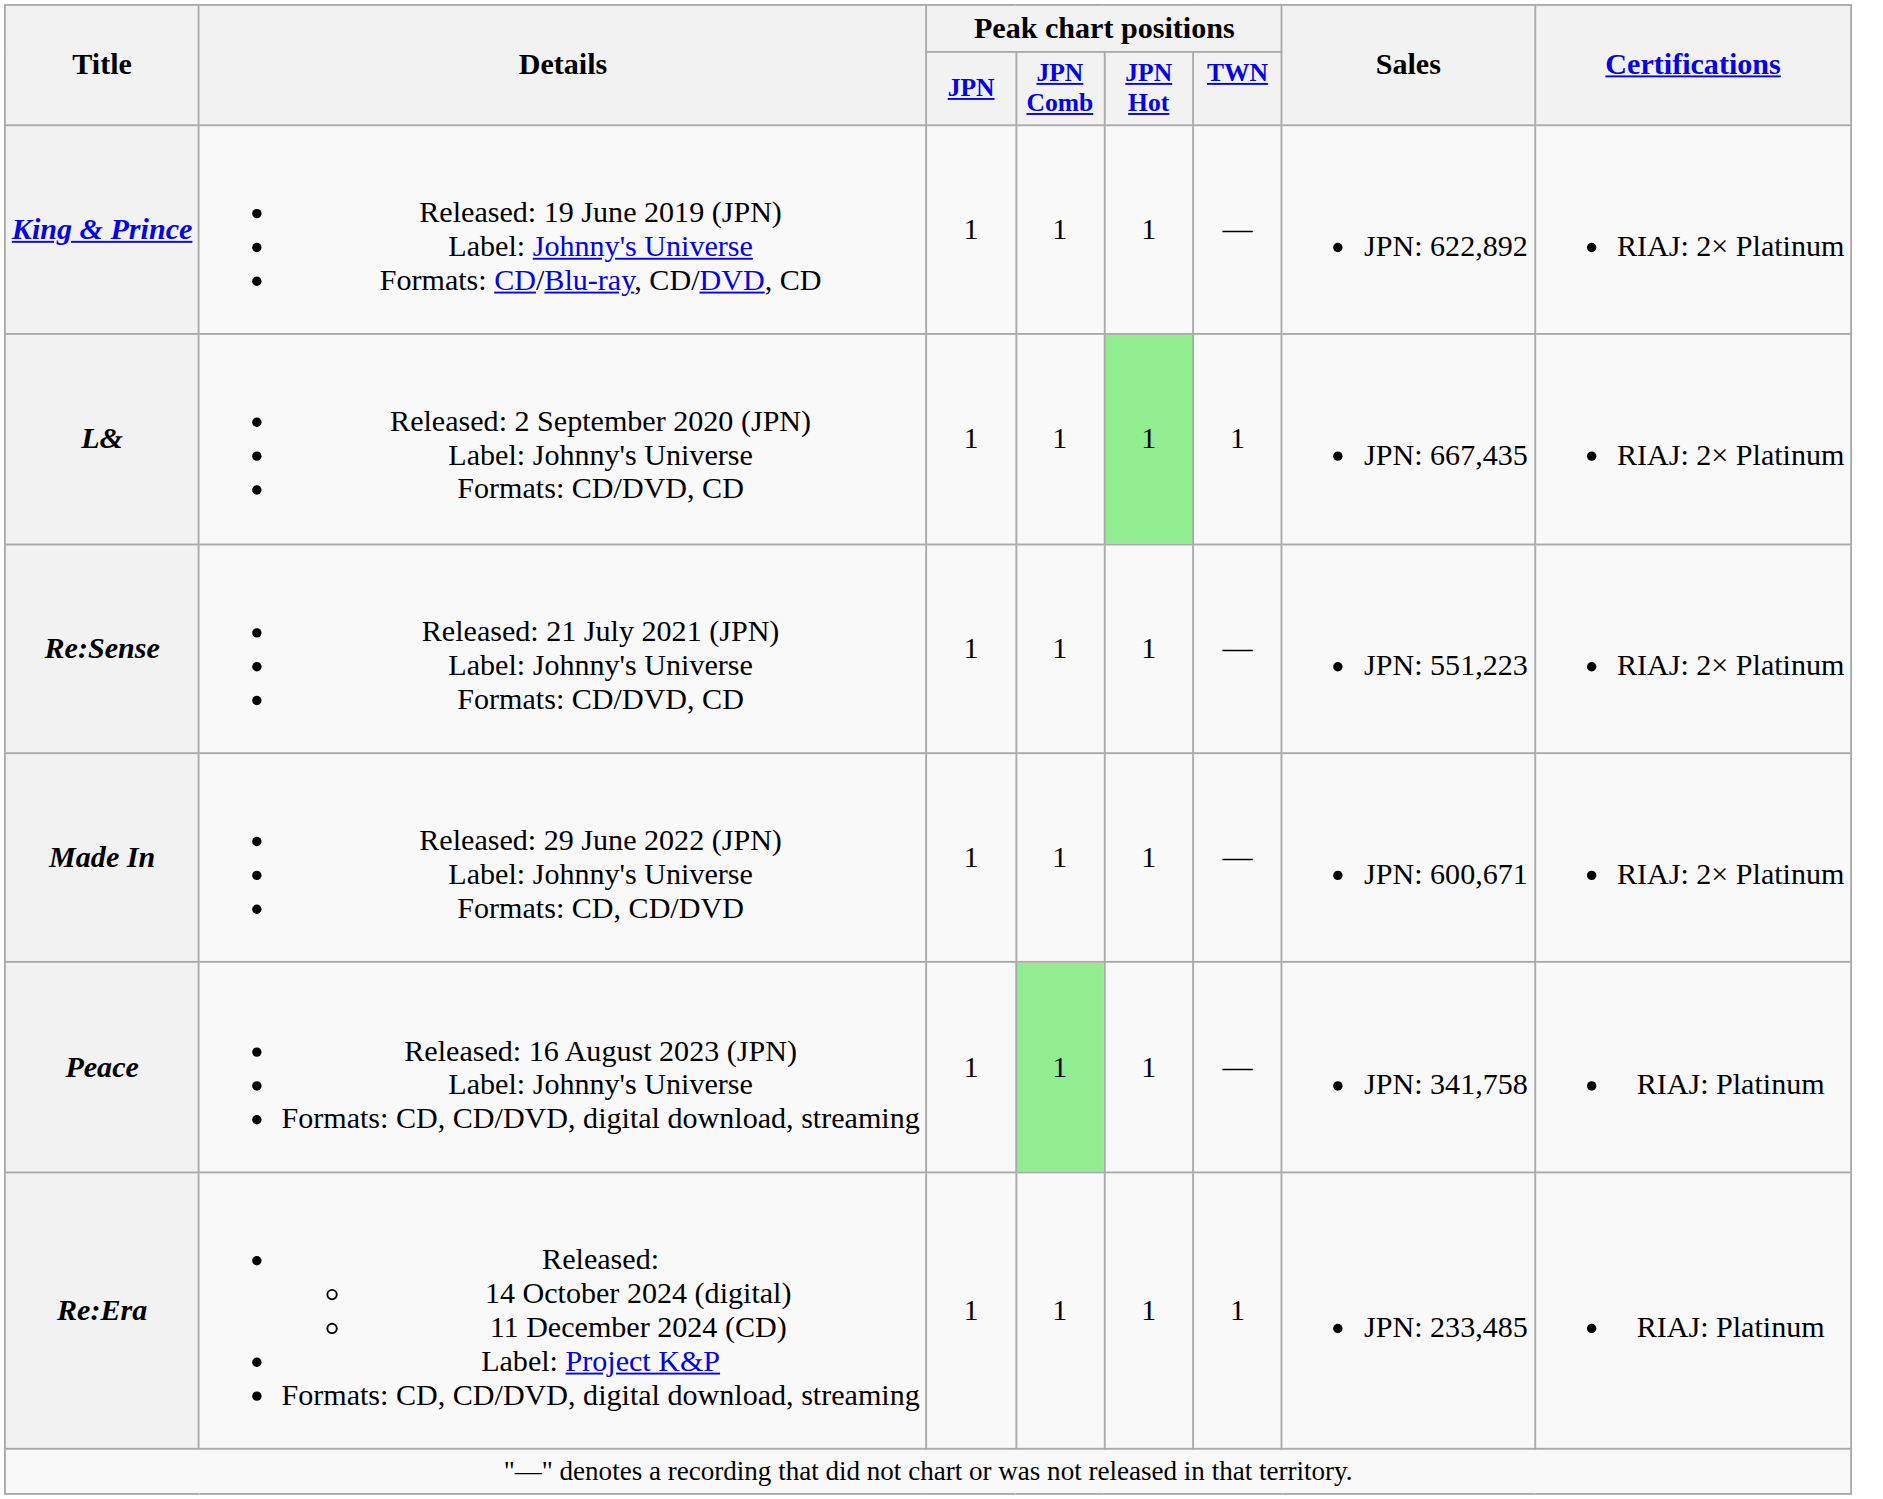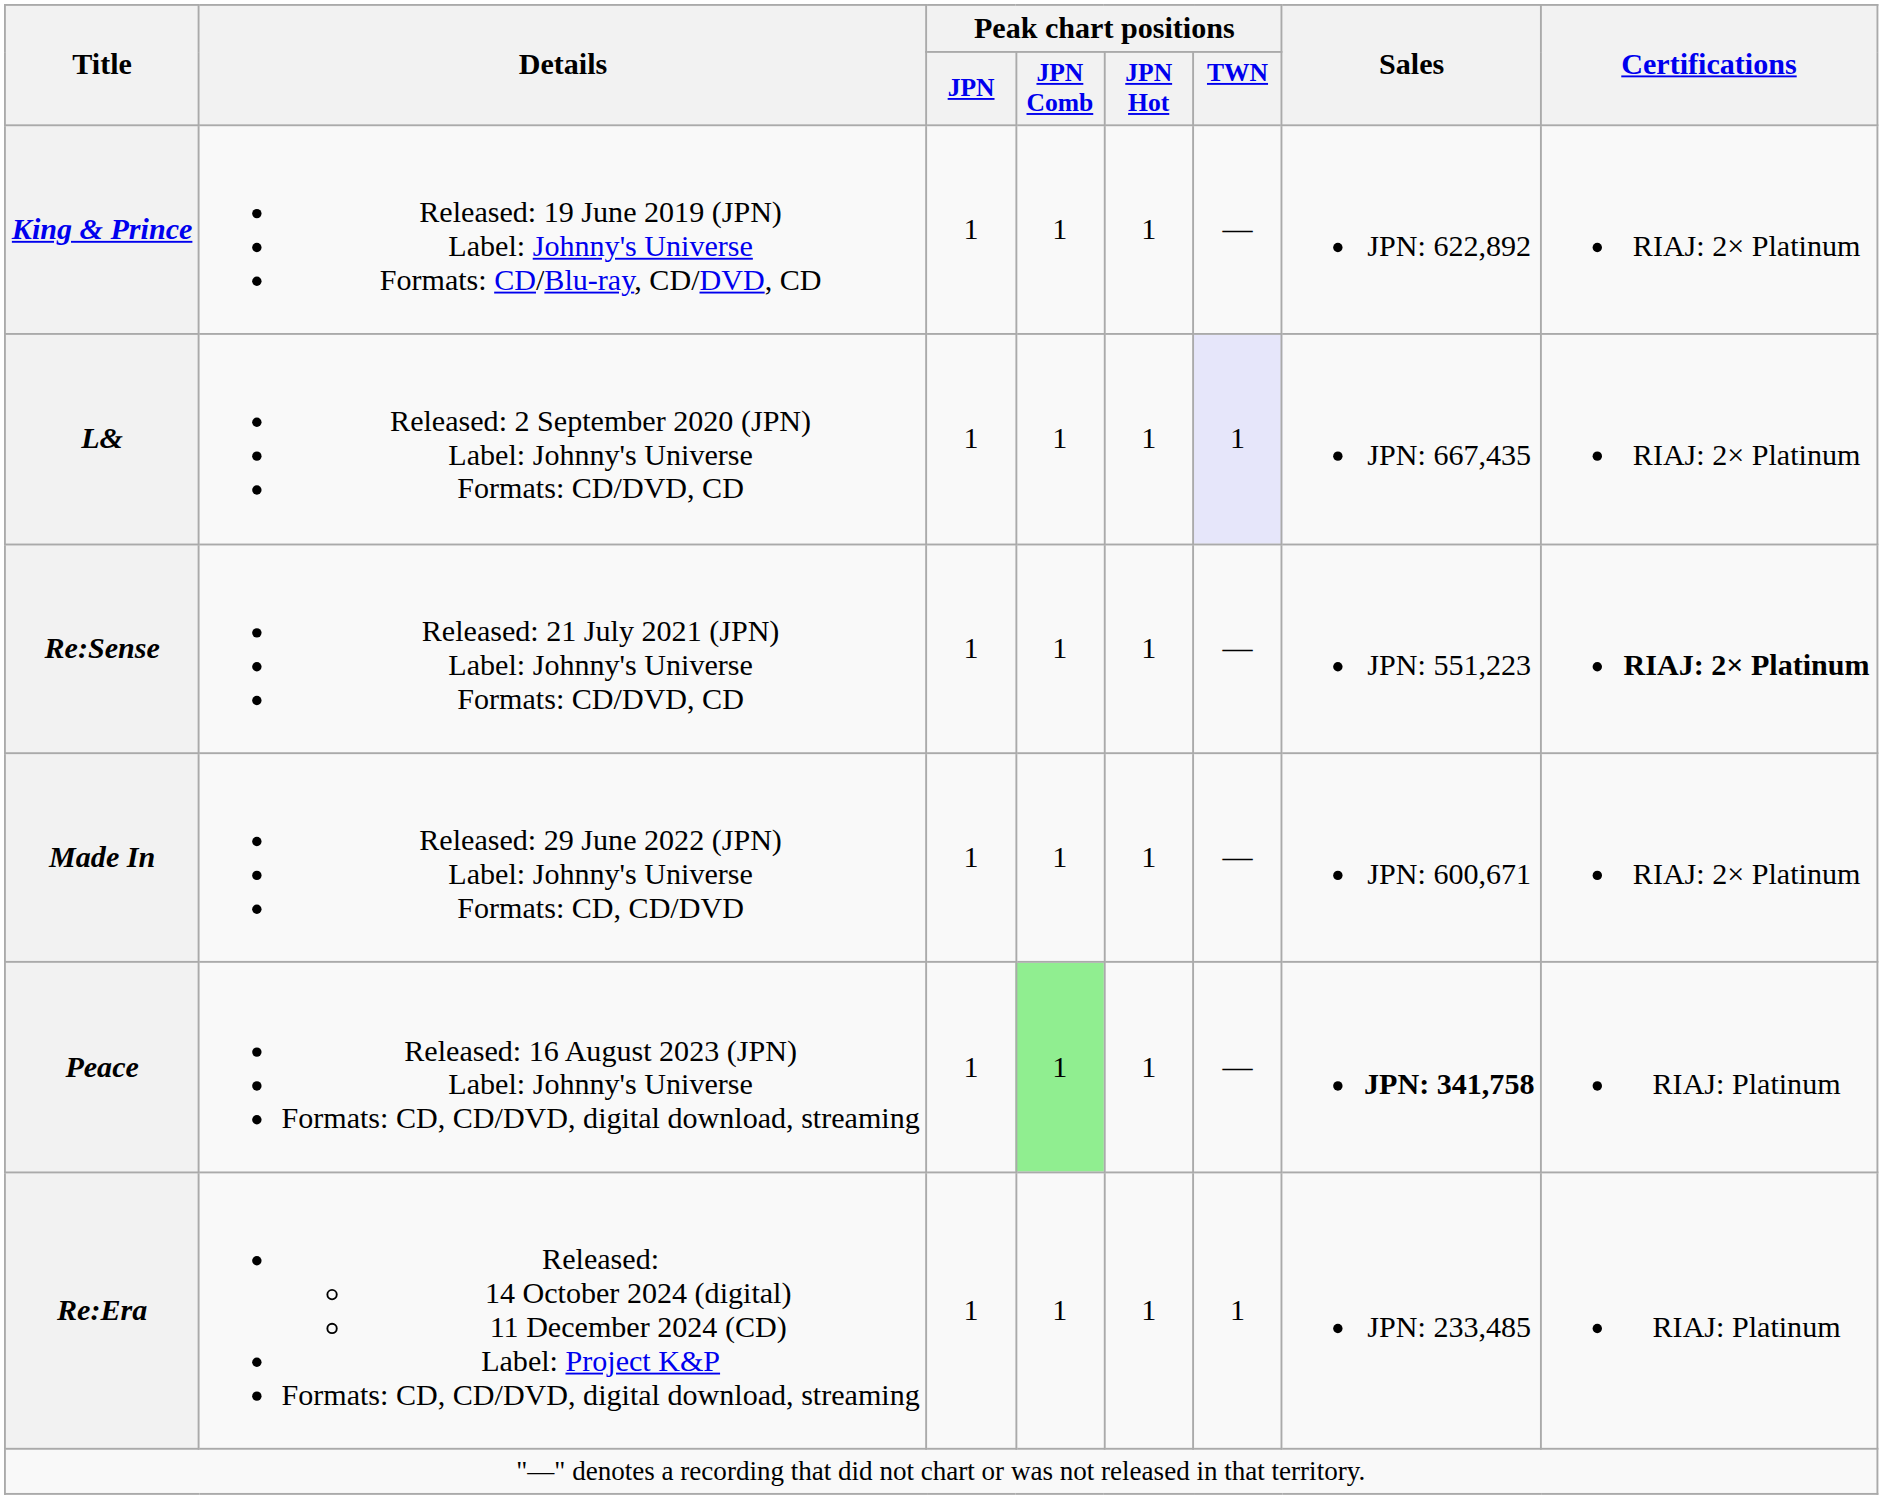 <table class="wikitable plainrowheaders" style="text-align:center;">
 <tr>
 <th scope="col" rowspan="2">Title</th>
 <th scope="col" rowspan="2">Details</th>
 <th scope="col" colspan="4">Peak chart positions</th>
 <th scope="col" rowspan="2">Sales</th>
 <th scope="col" rowspan="2"><a href='#'>Certifications</a></th>
 </tr>
 <tr>
 <th scope="col" style="width:3em;font-size:85%;"><a href='#'>JPN</a><br></th>
 <th scope="col" style="width:3em;font-size:85%;"><a href='#'>JPN<br>Comb</a><br></th>
 <th scope="col" style="width:3em;font-size:85%;"><a href='#'>JPN<br>Hot</a><br></th>
 <th scope="col" style="width:3em;font-size:85%;"><a href='#'>TWN</a><br><br></th>
 </tr>
 <tr>
 <th scope="row"><em><a href='#'>King & Prince</a></em></th>
 <td><br><ul><li>Released: 19 June 2019 (JPN)</li><li>Label: <a href='#'>Johnny's Universe</a></li><li>Formats: <a href='#'>CD</a>/<a href='#'>Blu-ray</a>, CD/<a href='#'>DVD</a>, CD</li></ul></td>
 <td>1</td>
 <td>1</td>
 <td>1</td>
 <td>—</td>
 <td><br><ul><li>JPN: 622,892</li></ul></td>
 <td><br><ul><li>RIAJ: 2× Platinum</li></ul></td>
 </tr>
 <tr>
 <th scope="row"><em>L&</em></th>
 <td><br><ul><li>Released: 2 September 2020 (JPN)</li><li>Label: Johnny's Universe</li><li>Formats: CD/DVD, CD</li></ul></td>
 <td>1</td>
 <td>1</td>
-<td style="background: lightgreen;">1</td>
 <td>1</td>
+<td style="background: lavender;">1</td>
 <td><br><ul><li>JPN: 667,435</li></ul></td>
 <td><br><ul><li>RIAJ: 2× Platinum</li></ul></td>
 </tr>
 <tr>
 <th scope="row"><em>Re:Sense</em></th>
 <td><br><ul><li>Released: 21 July 2021 (JPN)</li><li>Label: Johnny's Universe</li><li>Formats: CD/DVD, CD</li></ul></td>
 <td>1</td>
 <td>1</td>
 <td>1</td>
 <td>—</td>
 <td><br><ul><li>JPN: 551,223</li></ul></td>
-<td><br><ul><li>RIAJ: 2× Platinum</li></ul></td>
+<td><strong><br><ul><li>RIAJ: 2× Platinum</li></ul></strong></td>
 </tr>
 <tr>
 <th scope="row"><em>Made In</em></th>
 <td><br><ul><li>Released: 29 June 2022 (JPN)</li><li>Label: Johnny's Universe</li><li>Formats: CD, CD/DVD</li></ul></td>
 <td>1</td>
 <td>1</td>
 <td>1</td>
 <td>—</td>
 <td><br><ul><li>JPN: 600,671</li></ul></td>
 <td><br><ul><li>RIAJ: 2× Platinum</li></ul></td>
 </tr>
 <tr>
 <th scope="row"><em>Peace</em></th>
 <td><br><ul><li>Released: 16 August 2023 (JPN)</li><li>Label: Johnny's Universe</li><li>Formats: CD, CD/DVD, digital download, streaming</li></ul></td>
 <td>1</td>
 <td style="background: lightgreen;">1</td>
 <td>1</td>
 <td>—</td>
-<td><br><ul><li>JPN: 341,758</li></ul></td>
+<td><strong><br><ul><li>JPN: 341,758</li></ul></strong></td>
 <td><br><ul><li>RIAJ: Platinum</li></ul></td>
 </tr>
 <tr>
 <th scope="row"><em>Re:Era</em></th>
 <td><br><ul><li>Released:<ul><li>14 October 2024 (digital)</li><li>11 December 2024 (CD)</li></ul></li><li>Label: <a href='#'>Project K&P</a></li><li>Formats: CD, CD/DVD, digital download, streaming</li></ul></td>
 <td>1</td>
 <td>1</td>
 <td>1</td>
 <td>1</td>
 <td><br><ul><li>JPN: 233,485</li></ul></td>
 <td><br><ul><li>RIAJ: Platinum</li></ul></td>
 </tr>
 <tr>
 <td colspan="9" style="font-size:90%">"—" denotes a recording that did not chart or was not released in that territory.</td>
 </tr>
 </table>
